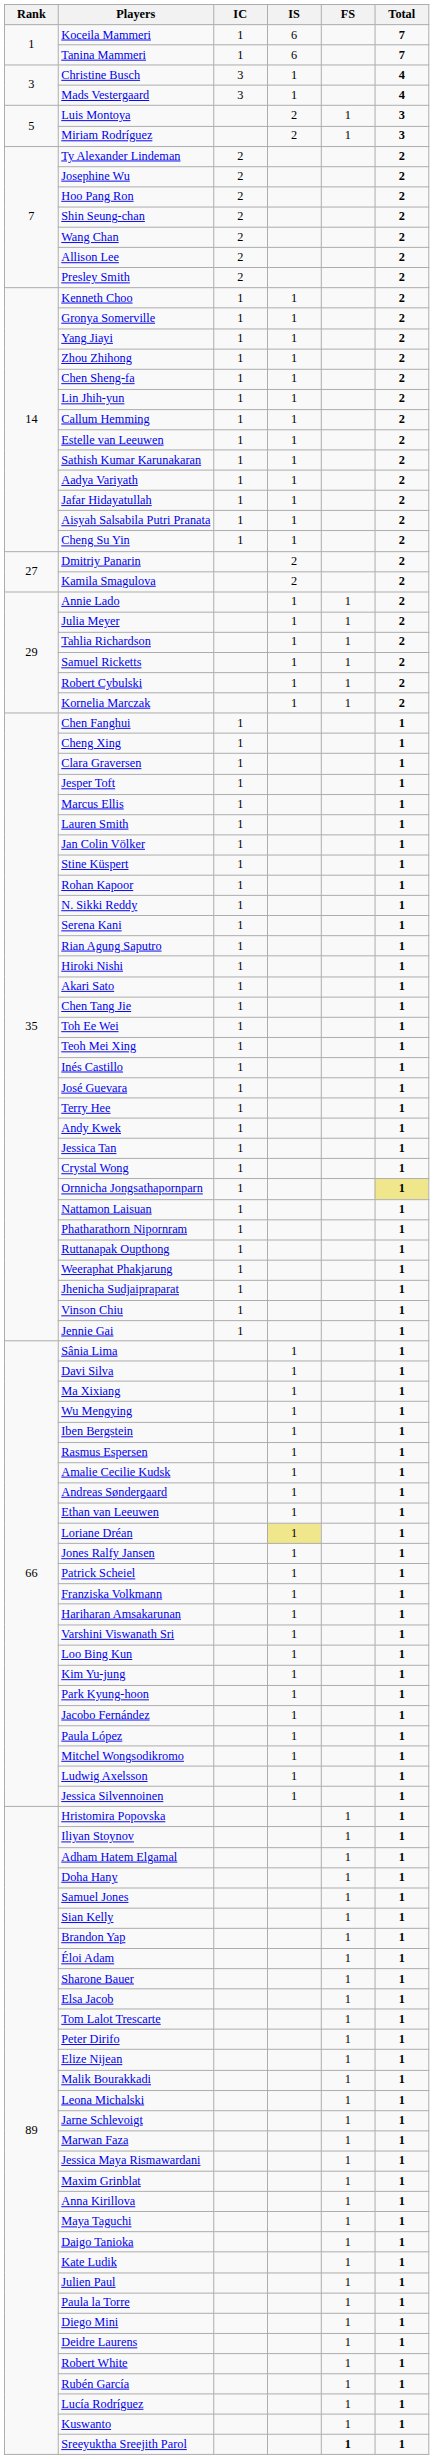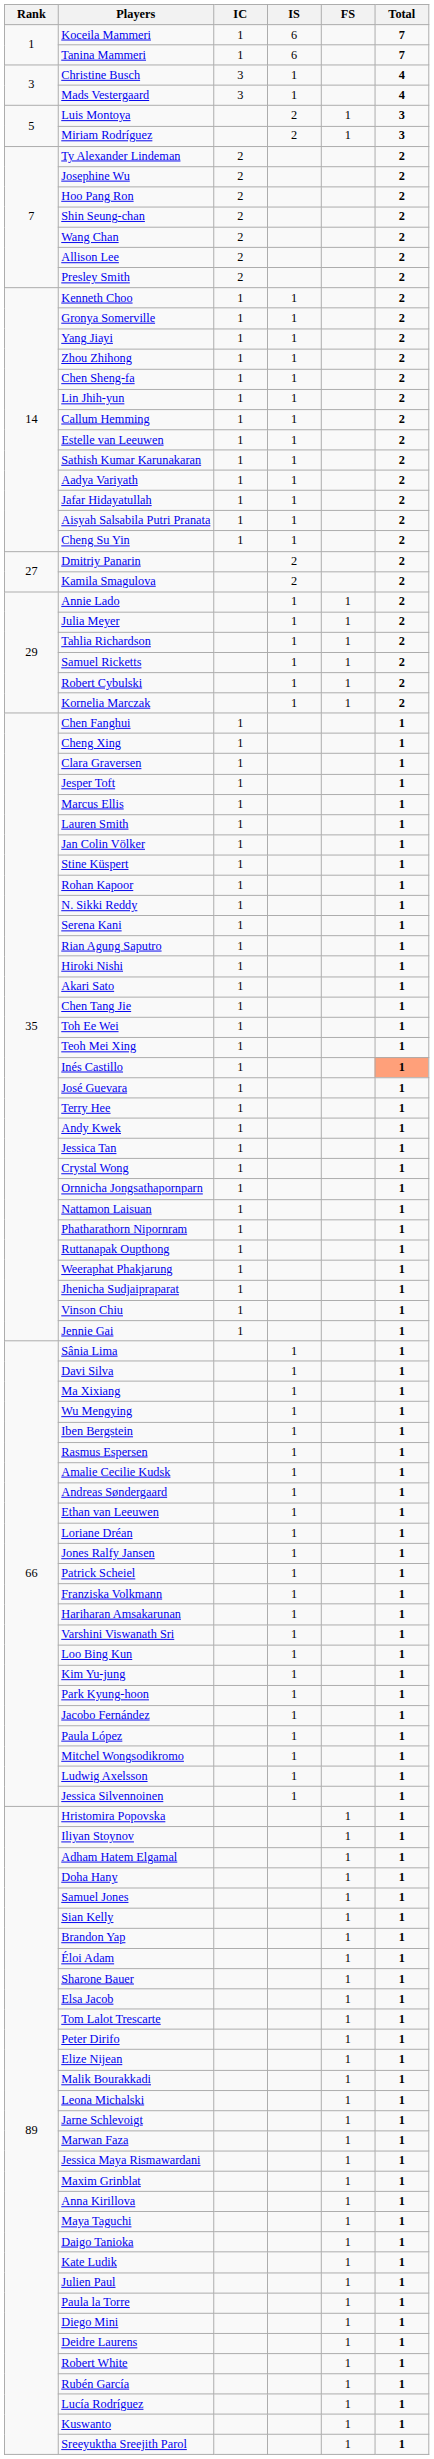 <table class="wikitable" style="font-size:80%; text-align:center">
 <tr>
 <th width="50">Rank</th>
 <th width="150">Players</th>
 <th width="50">IC</th>
 <th width="50">IS</th>
 <th width="50">FS</th>
 <th width="50">Total</th>
 </tr>
 <tr>
 <td rowspan="2">1</td>
 <td align="left"> <a href='#'>Koceila Mammeri</a></td>
 <td>1</td>
 <td>6</td>
 <td></td>
 <td><strong>7</strong></td>
 </tr>
 <tr>
 <td align="left"> <a href='#'>Tanina Mammeri</a></td>
 <td>1</td>
 <td>6</td>
 <td></td>
 <td><strong>7</strong></td>
 </tr>
 <tr>
 <td rowspan="2">3</td>
 <td align="left"> <a href='#'>Christine Busch</a></td>
 <td>3</td>
 <td>1</td>
 <td></td>
 <td><strong>4</strong></td>
 </tr>
 <tr>
 <td align="left"> <a href='#'>Mads Vestergaard</a></td>
 <td>3</td>
 <td>1</td>
 <td></td>
 <td><strong>4</strong></td>
 </tr>
 <tr>
 <td rowspan="2">5</td>
 <td align="left"> <a href='#'>Luis Montoya</a></td>
 <td></td>
 <td>2</td>
 <td>1</td>
 <td><strong>3</strong></td>
 </tr>
 <tr>
 <td align="left"> <a href='#'>Miriam Rodríguez</a></td>
 <td></td>
 <td>2</td>
 <td>1</td>
 <td><strong>3</strong></td>
 </tr>
 <tr>
 <td rowspan="7">7</td>
 <td align="left"> <a href='#'>Ty Alexander Lindeman</a></td>
 <td>2</td>
 <td></td>
 <td></td>
 <td><strong>2</strong></td>
 </tr>
 <tr>
 <td align="left"> <a href='#'>Josephine Wu</a></td>
 <td>2</td>
 <td></td>
 <td></td>
 <td><strong>2</strong></td>
 </tr>
 <tr>
 <td align="left"> <a href='#'>Hoo Pang Ron</a></td>
 <td>2</td>
 <td></td>
 <td></td>
 <td><strong>2</strong></td>
 </tr>
 <tr>
 <td align="left"> <a href='#'>Shin Seung-chan</a></td>
 <td>2</td>
 <td></td>
 <td></td>
 <td><strong>2</strong></td>
 </tr>
 <tr>
 <td align="left"> <a href='#'>Wang Chan</a></td>
 <td>2</td>
 <td></td>
 <td></td>
 <td><strong>2</strong></td>
 </tr>
 <tr>
 <td align="left"> <a href='#'>Allison Lee</a></td>
 <td>2</td>
 <td></td>
 <td></td>
 <td><strong>2</strong></td>
 </tr>
 <tr>
 <td align="left"> <a href='#'>Presley Smith</a></td>
 <td>2</td>
 <td></td>
 <td></td>
 <td><strong>2</strong></td>
 </tr>
 <tr>
 <td rowspan="13">14</td>
 <td align="left"> <a href='#'>Kenneth Choo</a></td>
 <td>1</td>
 <td>1</td>
 <td></td>
 <td><strong>2</strong></td>
 </tr>
 <tr>
 <td align="left"> <a href='#'>Gronya Somerville</a></td>
 <td>1</td>
 <td>1</td>
 <td></td>
 <td><strong>2</strong></td>
 </tr>
 <tr>
 <td align="left"> <a href='#'>Yang Jiayi</a></td>
 <td>1</td>
 <td>1</td>
 <td></td>
 <td><strong>2</strong></td>
 </tr>
 <tr>
 <td align="left"> <a href='#'>Zhou Zhihong</a></td>
 <td>1</td>
 <td>1</td>
 <td></td>
 <td><strong>2</strong></td>
 </tr>
 <tr>
 <td align="left"> <a href='#'>Chen Sheng-fa</a></td>
 <td>1</td>
 <td>1</td>
 <td></td>
 <td><strong>2</strong></td>
 </tr>
 <tr>
 <td align="left"> <a href='#'>Lin Jhih-yun</a></td>
 <td>1</td>
 <td>1</td>
 <td></td>
 <td><strong>2</strong></td>
 </tr>
 <tr>
 <td align="left"> <a href='#'>Callum Hemming</a></td>
 <td>1</td>
 <td>1</td>
 <td></td>
 <td><strong>2</strong></td>
 </tr>
 <tr>
 <td align="left"> <a href='#'>Estelle van Leeuwen</a></td>
 <td>1</td>
 <td>1</td>
 <td></td>
 <td><strong>2</strong></td>
 </tr>
 <tr>
 <td align="left"> <a href='#'>Sathish Kumar Karunakaran</a></td>
 <td>1</td>
 <td>1</td>
 <td></td>
 <td><strong>2</strong></td>
 </tr>
 <tr>
 <td align="left"> <a href='#'>Aadya Variyath</a></td>
 <td>1</td>
 <td>1</td>
 <td></td>
 <td><strong>2</strong></td>
 </tr>
 <tr>
 <td align="left"> <a href='#'>Jafar Hidayatullah</a></td>
 <td>1</td>
 <td>1</td>
 <td></td>
 <td><strong>2</strong></td>
 </tr>
 <tr>
 <td align="left" nowrap> <a href='#'>Aisyah Salsabila Putri Pranata</a></td>
 <td>1</td>
 <td>1</td>
 <td></td>
 <td><strong>2</strong></td>
 </tr>
 <tr>
 <td align="left"> <a href='#'>Cheng Su Yin</a></td>
 <td>1</td>
 <td>1</td>
 <td></td>
 <td><strong>2</strong></td>
 </tr>
 <tr>
 <td rowspan="2">27</td>
 <td align="left"> <a href='#'>Dmitriy Panarin</a></td>
 <td></td>
 <td>2</td>
 <td></td>
 <td><strong>2</strong></td>
 </tr>
 <tr>
 <td align="left"> <a href='#'>Kamila Smagulova</a></td>
 <td></td>
 <td>2</td>
 <td></td>
 <td><strong>2</strong></td>
 </tr>
 <tr>
 <td rowspan="6">29</td>
 <td align="left"> <a href='#'>Annie Lado</a></td>
 <td></td>
 <td>1</td>
 <td>1</td>
 <td><strong>2</strong></td>
 </tr>
 <tr>
 <td align="left"> <a href='#'>Julia Meyer</a></td>
 <td></td>
 <td>1</td>
 <td>1</td>
 <td><strong>2</strong></td>
 </tr>
 <tr>
 <td align="left"> <a href='#'>Tahlia Richardson</a></td>
 <td></td>
 <td>1</td>
 <td>1</td>
 <td><strong>2</strong></td>
 </tr>
 <tr>
 <td align="left"> <a href='#'>Samuel Ricketts</a></td>
 <td></td>
 <td>1</td>
 <td>1</td>
 <td><strong>2</strong></td>
 </tr>
 <tr>
 <td align="left"> <a href='#'>Robert Cybulski</a></td>
 <td></td>
 <td>1</td>
 <td>1</td>
 <td><strong>2</strong></td>
 </tr>
 <tr>
 <td align="left"> <a href='#'>Kornelia Marczak</a></td>
 <td></td>
 <td>1</td>
 <td>1</td>
 <td><strong>2</strong></td>
 </tr>
 <tr>
 <td rowspan="31">35</td>
 <td align="left"> <a href='#'>Chen Fanghui</a></td>
 <td>1</td>
 <td></td>
 <td></td>
 <td><strong>1</strong></td>
 </tr>
 <tr>
 <td align="left"> <a href='#'>Cheng Xing</a></td>
 <td>1</td>
 <td></td>
 <td></td>
 <td><strong>1</strong></td>
 </tr>
 <tr>
 <td align="left"> <a href='#'>Clara Graversen</a></td>
 <td>1</td>
 <td></td>
 <td></td>
 <td><strong>1</strong></td>
 </tr>
 <tr>
 <td align="left"> <a href='#'>Jesper Toft</a></td>
 <td>1</td>
 <td></td>
 <td></td>
 <td><strong>1</strong></td>
 </tr>
 <tr>
 <td align="left"> <a href='#'>Marcus Ellis</a></td>
 <td>1</td>
 <td></td>
 <td></td>
 <td><strong>1</strong></td>
 </tr>
 <tr>
 <td align="left"> <a href='#'>Lauren Smith</a></td>
 <td>1</td>
 <td></td>
 <td></td>
 <td><strong>1</strong></td>
 </tr>
 <tr>
 <td align="left"> <a href='#'>Jan Colin Völker</a></td>
 <td>1</td>
 <td></td>
 <td></td>
 <td><strong>1</strong></td>
 </tr>
 <tr>
 <td align="left"> <a href='#'>Stine Küspert</a></td>
 <td>1</td>
 <td></td>
 <td></td>
 <td><strong>1</strong></td>
 </tr>
 <tr>
 <td align="left"> <a href='#'>Rohan Kapoor</a></td>
 <td>1</td>
 <td></td>
 <td></td>
 <td><strong>1</strong></td>
 </tr>
 <tr>
 <td align="left"> <a href='#'>N. Sikki Reddy</a></td>
 <td>1</td>
 <td></td>
 <td></td>
 <td><strong>1</strong></td>
 </tr>
 <tr>
 <td align="left"> <a href='#'>Serena Kani</a></td>
 <td>1</td>
 <td></td>
 <td></td>
 <td><strong>1</strong></td>
 </tr>
 <tr>
 <td align="left"> <a href='#'>Rian Agung Saputro</a></td>
 <td>1</td>
 <td></td>
 <td></td>
 <td><strong>1</strong></td>
 </tr>
 <tr>
 <td align="left"> <a href='#'>Hiroki Nishi</a></td>
 <td>1</td>
 <td></td>
 <td></td>
 <td><strong>1</strong></td>
 </tr>
 <tr>
 <td align="left"> <a href='#'>Akari Sato</a></td>
 <td>1</td>
 <td></td>
 <td></td>
 <td><strong>1</strong></td>
 </tr>
 <tr>
 <td align="left"> <a href='#'>Chen Tang Jie</a></td>
 <td>1</td>
 <td></td>
 <td></td>
 <td><strong>1</strong></td>
 </tr>
 <tr>
 <td align="left"> <a href='#'>Toh Ee Wei</a></td>
 <td>1</td>
 <td></td>
 <td></td>
 <td><strong>1</strong></td>
 </tr>
 <tr>
 <td align="left"> <a href='#'>Teoh Mei Xing</a></td>
 <td>1</td>
 <td></td>
 <td></td>
 <td><strong>1</strong></td>
 </tr>
 <tr>
 <td align="left"> <a href='#'>Inés Castillo</a></td>
 <td>1</td>
 <td></td>
 <td></td>
-<td><strong>1</strong></td>
+<td style="background: lightsalmon;"><strong>1</strong></td>
 </tr>
 <tr>
 <td align="left"> <a href='#'>José Guevara</a></td>
 <td>1</td>
 <td></td>
 <td></td>
 <td><strong>1</strong></td>
 </tr>
 <tr>
 <td align="left"> <a href='#'>Terry Hee</a></td>
 <td>1</td>
 <td></td>
 <td></td>
 <td><strong>1</strong></td>
 </tr>
 <tr>
 <td align="left"> <a href='#'>Andy Kwek</a></td>
 <td>1</td>
 <td></td>
 <td></td>
 <td><strong>1</strong></td>
 </tr>
 <tr>
 <td align="left"> <a href='#'>Jessica Tan</a></td>
 <td>1</td>
 <td></td>
 <td></td>
 <td><strong>1</strong></td>
 </tr>
 <tr>
 <td align="left"> <a href='#'>Crystal Wong</a></td>
 <td>1</td>
 <td></td>
 <td></td>
 <td><strong>1</strong></td>
 </tr>
 <tr>
 <td align="left"> <a href='#'>Ornnicha Jongsathapornparn</a></td>
 <td>1</td>
 <td></td>
 <td></td>
-<td style="background: khaki;"><strong>1</strong></td>
+<td><strong>1</strong></td>
 </tr>
 <tr>
 <td align="left"> <a href='#'>Nattamon Laisuan</a></td>
 <td>1</td>
 <td></td>
 <td></td>
 <td><strong>1</strong></td>
 </tr>
 <tr>
 <td align="left"> <a href='#'>Phatharathorn Nipornram</a></td>
 <td>1</td>
 <td></td>
 <td></td>
 <td><strong>1</strong></td>
 </tr>
 <tr>
 <td align="left"> <a href='#'>Ruttanapak Oupthong</a></td>
 <td>1</td>
 <td></td>
 <td></td>
 <td><strong>1</strong></td>
 </tr>
 <tr>
 <td align="left"> <a href='#'>Weeraphat Phakjarung</a></td>
 <td>1</td>
 <td></td>
 <td></td>
 <td><strong>1</strong></td>
 </tr>
 <tr>
 <td align="left"> <a href='#'>Jhenicha Sudjaipraparat</a></td>
 <td>1</td>
 <td></td>
 <td></td>
 <td><strong>1</strong></td>
 </tr>
 <tr>
 <td align="left"> <a href='#'>Vinson Chiu</a></td>
 <td>1</td>
 <td></td>
 <td></td>
 <td><strong>1</strong></td>
 </tr>
 <tr>
 <td align="left"> <a href='#'>Jennie Gai</a></td>
 <td>1</td>
 <td></td>
 <td></td>
 <td><strong>1</strong></td>
 </tr>
 <tr>
 <td rowspan="23">66</td>
 <td align="left"> <a href='#'>Sânia Lima</a></td>
 <td></td>
 <td>1</td>
 <td></td>
 <td><strong>1</strong></td>
 </tr>
 <tr>
 <td align="left"> <a href='#'>Davi Silva</a></td>
 <td></td>
 <td>1</td>
 <td></td>
 <td><strong>1</strong></td>
 </tr>
 <tr>
 <td align="left"> <a href='#'>Ma Xixiang</a></td>
 <td></td>
 <td>1</td>
 <td></td>
 <td><strong>1</strong></td>
 </tr>
 <tr>
 <td align="left"> <a href='#'>Wu Mengying</a></td>
 <td></td>
 <td>1</td>
 <td></td>
 <td><strong>1</strong></td>
 </tr>
 <tr>
 <td align="left"> <a href='#'>Iben Bergstein</a></td>
 <td></td>
 <td>1</td>
 <td></td>
 <td><strong>1</strong></td>
 </tr>
 <tr>
 <td align="left"> <a href='#'>Rasmus Espersen</a></td>
 <td></td>
 <td>1</td>
 <td></td>
 <td><strong>1</strong></td>
 </tr>
 <tr>
 <td align="left"> <a href='#'>Amalie Cecilie Kudsk</a></td>
 <td></td>
 <td>1</td>
 <td></td>
 <td><strong>1</strong></td>
 </tr>
 <tr>
 <td align="left"> <a href='#'>Andreas Søndergaard</a></td>
 <td></td>
 <td>1</td>
 <td></td>
 <td><strong>1</strong></td>
 </tr>
 <tr>
 <td align="left"> <a href='#'>Ethan van Leeuwen</a></td>
 <td></td>
 <td>1</td>
 <td></td>
 <td><strong>1</strong></td>
 </tr>
 <tr>
 <td align="left"> <a href='#'>Loriane Dréan</a></td>
 <td></td>
-<td style="background: khaki;">1</td>
+<td>1</td>
 <td></td>
 <td><strong>1</strong></td>
 </tr>
 <tr>
 <td align="left"> <a href='#'>Jones Ralfy Jansen</a></td>
 <td></td>
 <td>1</td>
 <td></td>
 <td><strong>1</strong></td>
 </tr>
 <tr>
 <td align="left"> <a href='#'>Patrick Scheiel</a></td>
 <td></td>
 <td>1</td>
 <td></td>
 <td><strong>1</strong></td>
 </tr>
 <tr>
 <td align="left"> <a href='#'>Franziska Volkmann</a></td>
 <td></td>
 <td>1</td>
 <td></td>
 <td><strong>1</strong></td>
 </tr>
 <tr>
 <td align="left"> <a href='#'>Hariharan Amsakarunan</a></td>
 <td></td>
 <td>1</td>
 <td></td>
 <td><strong>1</strong></td>
 </tr>
 <tr>
 <td align="left"> <a href='#'>Varshini Viswanath Sri</a></td>
 <td></td>
 <td>1</td>
 <td></td>
 <td><strong>1</strong></td>
 </tr>
 <tr>
 <td align="left"> <a href='#'>Loo Bing Kun</a></td>
 <td></td>
 <td>1</td>
 <td></td>
 <td><strong>1</strong></td>
 </tr>
 <tr>
 <td align="left"> <a href='#'>Kim Yu-jung</a></td>
 <td></td>
 <td>1</td>
 <td></td>
 <td><strong>1</strong></td>
 </tr>
 <tr>
 <td align="left"> <a href='#'>Park Kyung-hoon</a></td>
 <td></td>
 <td>1</td>
 <td></td>
 <td><strong>1</strong></td>
 </tr>
 <tr>
 <td align="left"> <a href='#'>Jacobo Fernández</a></td>
 <td></td>
 <td>1</td>
 <td></td>
 <td><strong>1</strong></td>
 </tr>
 <tr>
 <td align="left"> <a href='#'>Paula López</a></td>
 <td></td>
 <td>1</td>
 <td></td>
 <td><strong>1</strong></td>
 </tr>
 <tr>
 <td align="left"> <a href='#'>Mitchel Wongsodikromo</a></td>
 <td></td>
 <td>1</td>
 <td></td>
 <td><strong>1</strong></td>
 </tr>
 <tr>
 <td align="left"> <a href='#'>Ludwig Axelsson</a></td>
 <td></td>
 <td>1</td>
 <td></td>
 <td><strong>1</strong></td>
 </tr>
 <tr>
 <td align="left"> <a href='#'>Jessica Silvennoinen</a></td>
 <td></td>
 <td>1</td>
 <td></td>
 <td><strong>1</strong></td>
 </tr>
 <tr>
 <td rowspan="32">89</td>
 <td align="left"> <a href='#'>Hristomira Popovska</a></td>
 <td></td>
 <td></td>
 <td>1</td>
 <td><strong>1</strong></td>
 </tr>
 <tr>
 <td align="left"> <a href='#'>Iliyan Stoynov</a></td>
 <td></td>
 <td></td>
 <td>1</td>
 <td><strong>1</strong></td>
 </tr>
 <tr>
 <td align="left"> <a href='#'>Adham Hatem Elgamal</a></td>
 <td></td>
 <td></td>
 <td>1</td>
 <td><strong>1</strong></td>
 </tr>
 <tr>
 <td align="left"> <a href='#'>Doha Hany</a></td>
 <td></td>
 <td></td>
 <td>1</td>
 <td><strong>1</strong></td>
 </tr>
 <tr>
 <td align="left"> <a href='#'>Samuel Jones</a></td>
 <td></td>
 <td></td>
 <td>1</td>
 <td><strong>1</strong></td>
 </tr>
 <tr>
 <td align="left"> <a href='#'>Sian Kelly</a></td>
 <td></td>
 <td></td>
 <td>1</td>
 <td><strong>1</strong></td>
 </tr>
 <tr>
 <td align="left"> <a href='#'>Brandon Yap</a></td>
 <td></td>
 <td></td>
 <td>1</td>
 <td><strong>1</strong></td>
 </tr>
 <tr>
 <td align="left"> <a href='#'>Éloi Adam</a></td>
 <td></td>
 <td></td>
 <td>1</td>
 <td><strong>1</strong></td>
 </tr>
 <tr>
 <td align="left"> <a href='#'>Sharone Bauer</a></td>
 <td></td>
 <td></td>
 <td>1</td>
 <td><strong>1</strong></td>
 </tr>
 <tr>
 <td align="left"> <a href='#'>Elsa Jacob</a></td>
 <td></td>
 <td></td>
 <td>1</td>
 <td><strong>1</strong></td>
 </tr>
 <tr>
 <td align="left"> <a href='#'>Tom Lalot Trescarte</a></td>
 <td></td>
 <td></td>
 <td>1</td>
 <td><strong>1</strong></td>
 </tr>
 <tr>
 <td align="left"> <a href='#'>Peter Dirifo</a></td>
 <td></td>
 <td></td>
 <td>1</td>
 <td><strong>1</strong></td>
 </tr>
 <tr>
 <td align="left"> <a href='#'>Elize Nijean</a></td>
 <td></td>
 <td></td>
 <td>1</td>
 <td><strong>1</strong></td>
 </tr>
 <tr>
 <td align="left"> <a href='#'>Malik Bourakkadi</a></td>
 <td></td>
 <td></td>
 <td>1</td>
 <td><strong>1</strong></td>
 </tr>
 <tr>
 <td align="left"> <a href='#'>Leona Michalski</a></td>
 <td></td>
 <td></td>
 <td>1</td>
 <td><strong>1</strong></td>
 </tr>
 <tr>
 <td align="left"> <a href='#'>Jarne Schlevoigt</a></td>
 <td></td>
 <td></td>
 <td>1</td>
 <td><strong>1</strong></td>
 </tr>
 <tr>
 <td align="left"> <a href='#'>Marwan Faza</a></td>
 <td></td>
 <td></td>
 <td>1</td>
 <td><strong>1</strong></td>
 </tr>
 <tr>
 <td align="left"> <a href='#'>Jessica Maya Rismawardani</a></td>
 <td></td>
 <td></td>
 <td>1</td>
 <td><strong>1</strong></td>
 </tr>
 <tr>
 <td align="left"> <a href='#'>Maxim Grinblat</a></td>
 <td></td>
 <td></td>
 <td>1</td>
 <td><strong>1</strong></td>
 </tr>
 <tr>
 <td align="left"> <a href='#'>Anna Kirillova</a></td>
 <td></td>
 <td></td>
 <td>1</td>
 <td><strong>1</strong></td>
 </tr>
 <tr>
 <td align="left"> <a href='#'>Maya Taguchi</a></td>
 <td></td>
 <td></td>
 <td>1</td>
 <td><strong>1</strong></td>
 </tr>
 <tr>
 <td align="left"> <a href='#'>Daigo Tanioka</a></td>
 <td></td>
 <td></td>
 <td>1</td>
 <td><strong>1</strong></td>
 </tr>
 <tr>
 <td align="left"> <a href='#'>Kate Ludik</a></td>
 <td></td>
 <td></td>
 <td>1</td>
 <td><strong>1</strong></td>
 </tr>
 <tr>
 <td align="left"> <a href='#'>Julien Paul</a></td>
 <td></td>
 <td></td>
 <td>1</td>
 <td><strong>1</strong></td>
 </tr>
 <tr>
 <td align="left"> <a href='#'>Paula la Torre</a></td>
 <td></td>
 <td></td>
 <td>1</td>
 <td><strong>1</strong></td>
 </tr>
 <tr>
 <td align="left"> <a href='#'>Diego Mini</a></td>
 <td></td>
 <td></td>
 <td>1</td>
 <td><strong>1</strong></td>
 </tr>
 <tr>
 <td align="left"> <a href='#'>Deidre Laurens</a></td>
 <td></td>
 <td></td>
 <td>1</td>
 <td><strong>1</strong></td>
 </tr>
 <tr>
 <td align="left"> <a href='#'>Robert White</a></td>
 <td></td>
 <td></td>
 <td>1</td>
 <td><strong>1</strong></td>
 </tr>
 <tr>
 <td align="left"> <a href='#'>Rubén García</a></td>
 <td></td>
 <td></td>
 <td>1</td>
 <td><strong>1</strong></td>
 </tr>
 <tr>
 <td align="left"> <a href='#'>Lucía Rodríguez</a></td>
 <td></td>
 <td></td>
 <td>1</td>
 <td><strong>1</strong></td>
 </tr>
 <tr>
 <td align="left"> <a href='#'>Kuswanto</a></td>
 <td></td>
 <td></td>
 <td>1</td>
 <td><strong>1</strong></td>
 </tr>
 <tr>
 <td align="left"> <a href='#'>Sreeyuktha Sreejith Parol</a></td>
 <td></td>
 <td></td>
-<td><strong>1</strong></td>
+<td>1</td>
 <td><strong>1</strong></td>
 </tr>
 </table>
